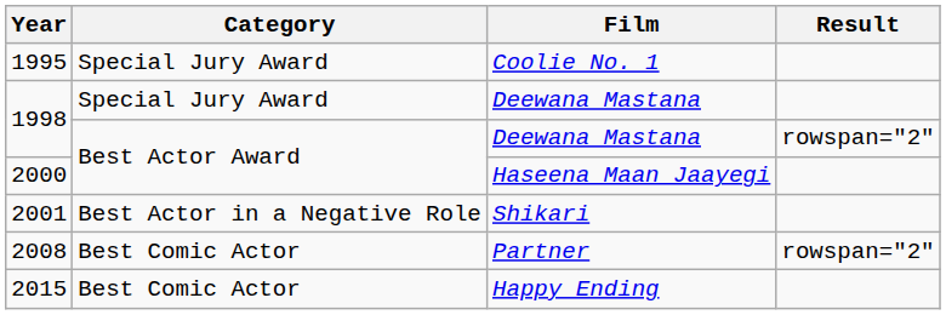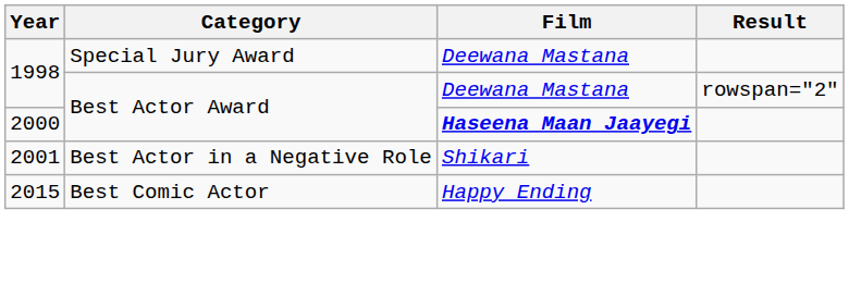 <table class="wikitable">
 <tr style="background:#ebf5ff;">
 <th>Year</th>
 <th>Category</th>
 <th>Film</th>
 <th>Result</th>
-</tr>
-<tr>
-<td>1995</td>
-<td>Special Jury Award</td>
-<td><em><a href='#'>Coolie No. 1</a></em></td>
-<td></td>
 </tr>
 <tr>
 <td rowspan="2">1998</td>
 <td>Special Jury Award</td>
 <td><em><a href='#'>Deewana Mastana</a></em></td>
 <td></td>
 </tr>
 <tr>
 <td rowspan="2">Best Actor Award</td>
 <td><em><a href='#'>Deewana Mastana</a></em></td>
 <td>rowspan="2" </td>
 </tr>
 <tr>
 <td>2000</td>
-<td><em><a href='#'>Haseena Maan Jaayegi</a></em></td>
+<td><strong><em><a href='#'>Haseena Maan Jaayegi</a></em></strong></td>
 </tr>
 <tr>
 <td>2001</td>
 <td>Best Actor in a Negative Role</td>
 <td><em><a href='#'>Shikari</a></em></td>
 <td></td>
 </tr>
 <tr>
-<td>2008</td>
-<td>Best Comic Actor</td>
-<td><em><a href='#'>Partner</a></em></td>
-<td>rowspan="2" </td>
-</tr>
-<tr>
 <td>2015</td>
 <td>Best Comic Actor</td>
 <td><em><a href='#'>Happy Ending</a></em></td>
 </tr>
 </table>
